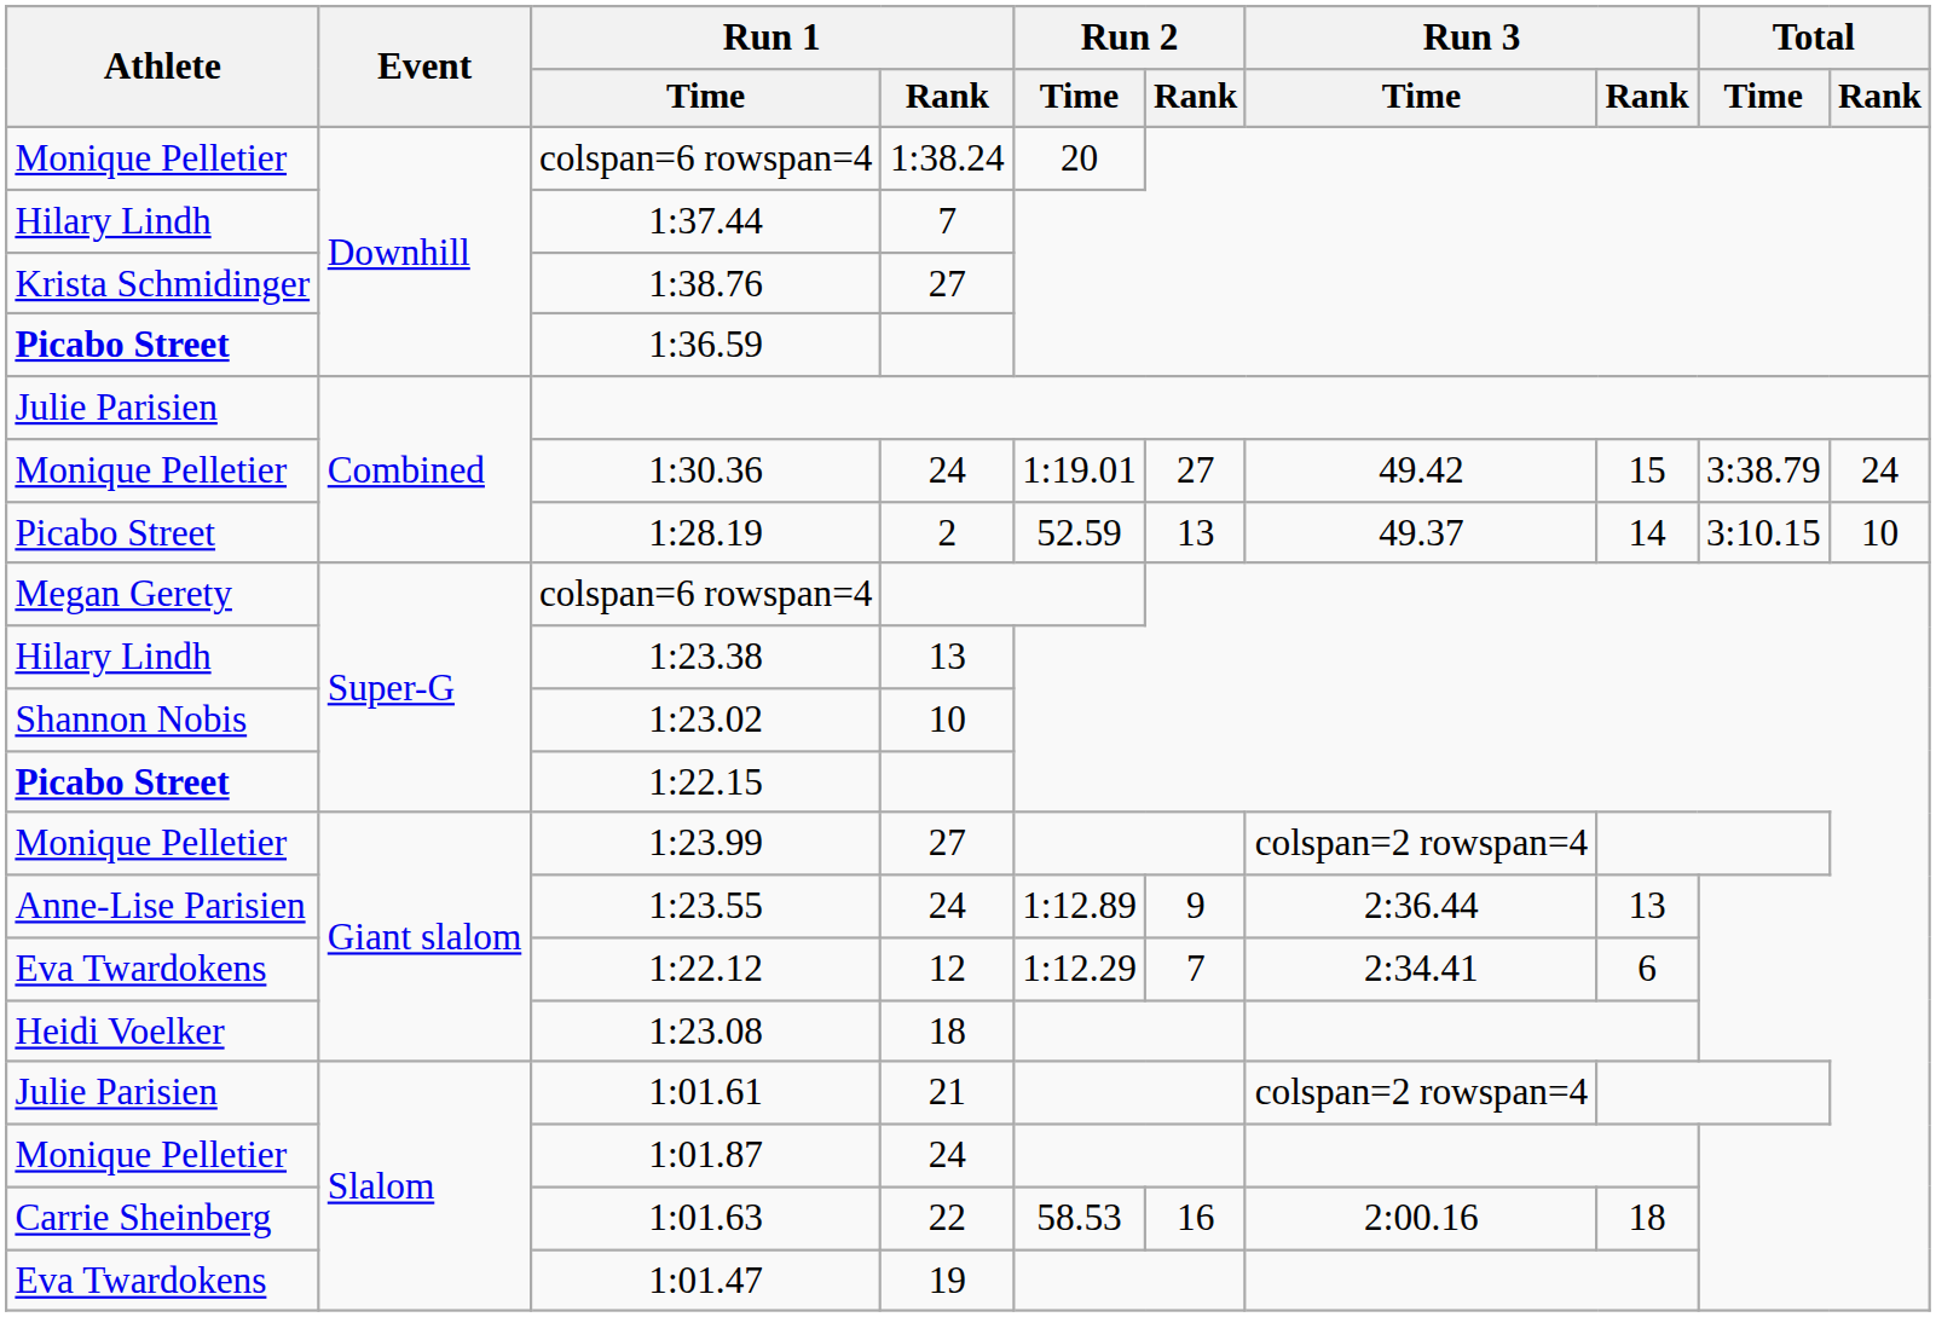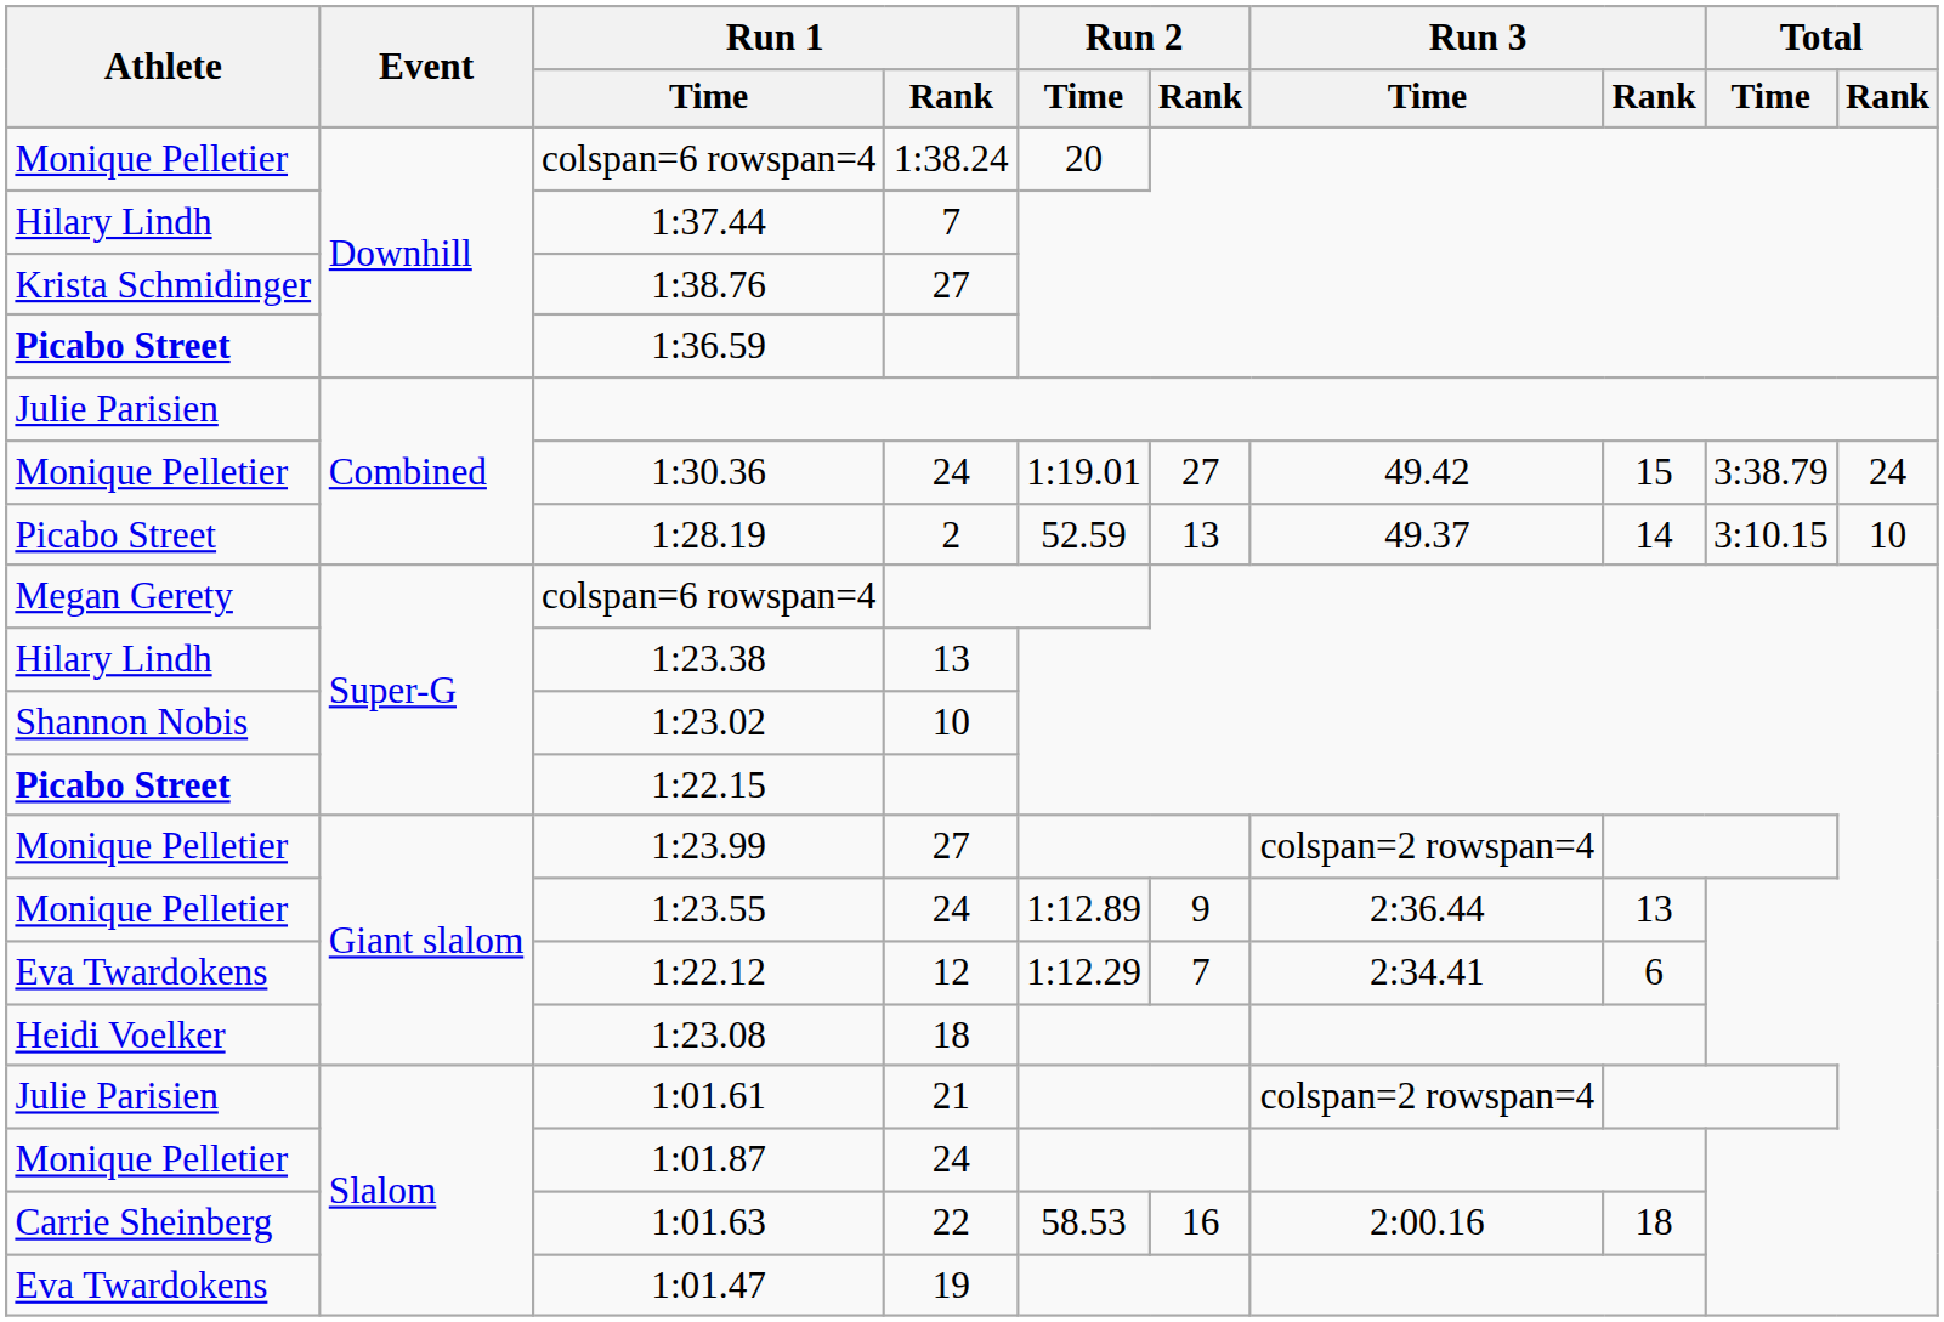 <table class=wikitable style=font-size:90%;text-align:center>
 <tr>
 <th rowspan=2>Athlete</th>
 <th rowspan=2>Event</th>
 <th colspan=2>Run 1</th>
 <th colspan=2>Run 2</th>
 <th colspan=2>Run 3</th>
 <th colspan=2>Total</th>
 </tr>
 <tr style=font-size:95%>
 <th>Time</th>
 <th>Rank</th>
 <th>Time</th>
 <th>Rank</th>
 <th>Time</th>
 <th>Rank</th>
 <th>Time</th>
 <th>Rank</th>
 </tr>
 <tr>
 <td align=left><a href='#'>Monique Pelletier</a></td>
 <td align=left rowspan=4><a href='#'>Downhill</a></td>
 <td>colspan=6 rowspan=4 </td>
 <td>1:38.24</td>
 <td>20</td>
 </tr>
 <tr>
 <td align=left><a href='#'>Hilary Lindh</a></td>
 <td>1:37.44</td>
 <td>7</td>
 </tr>
 <tr>
 <td align=left><a href='#'>Krista Schmidinger</a></td>
 <td>1:38.76</td>
 <td>27</td>
 </tr>
 <tr>
 <td align=left><strong><a href='#'>Picabo Street</a></strong></td>
 <td>1:36.59</td>
 <td></td>
 </tr>
 <tr>
 <td align=left><a href='#'>Julie Parisien</a></td>
 <td align=left rowspan=3><a href='#'>Combined</a></td>
 <td colspan=8></td>
 </tr>
 <tr>
 <td align=left><a href='#'>Monique Pelletier</a></td>
 <td>1:30.36</td>
 <td>24</td>
 <td>1:19.01</td>
 <td>27</td>
 <td>49.42</td>
 <td>15</td>
 <td>3:38.79</td>
 <td>24</td>
 </tr>
 <tr>
 <td align=left><a href='#'>Picabo Street</a></td>
 <td>1:28.19</td>
 <td>2</td>
 <td>52.59</td>
 <td>13</td>
 <td>49.37</td>
 <td>14</td>
 <td>3:10.15</td>
 <td>10</td>
 </tr>
 <tr>
 <td align=left><a href='#'>Megan Gerety</a></td>
 <td align=left rowspan=4><a href='#'>Super-G</a></td>
 <td>colspan=6 rowspan=4 </td>
 <td colspan=2></td>
 </tr>
 <tr>
 <td align=left><a href='#'>Hilary Lindh</a></td>
 <td>1:23.38</td>
 <td>13</td>
 </tr>
 <tr>
 <td align=left><a href='#'>Shannon Nobis</a></td>
 <td>1:23.02</td>
 <td>10</td>
 </tr>
 <tr>
 <td align=left><strong><a href='#'>Picabo Street</a></strong></td>
 <td>1:22.15</td>
 <td></td>
 </tr>
 <tr>
 <td align=left><a href='#'>Monique Pelletier</a></td>
 <td align=left rowspan=4><a href='#'>Giant slalom</a></td>
 <td>1:23.99</td>
 <td>27</td>
 <td colspan=2></td>
 <td>colspan=2 rowspan=4 </td>
 <td colspan=2></td>
 </tr>
 <tr>
-<td align=left><a href='#'>Anne-Lise Parisien</a></td>
+<td align=left><a href='#'>Monique Pelletier</a></td>
 <td>1:23.55</td>
 <td>24</td>
 <td>1:12.89</td>
 <td>9</td>
 <td>2:36.44</td>
 <td>13</td>
 </tr>
 <tr>
 <td align=left><a href='#'>Eva Twardokens</a></td>
 <td>1:22.12</td>
 <td>12</td>
 <td>1:12.29</td>
 <td>7</td>
 <td>2:34.41</td>
 <td>6</td>
 </tr>
 <tr>
 <td align=left><a href='#'>Heidi Voelker</a></td>
 <td>1:23.08</td>
 <td>18</td>
 <td colspan=2></td>
 <td colspan=2></td>
 </tr>
 <tr>
 <td align=left><a href='#'>Julie Parisien</a></td>
 <td align=left rowspan=4><a href='#'>Slalom</a></td>
 <td>1:01.61</td>
 <td>21</td>
 <td colspan=2></td>
 <td>colspan=2 rowspan=4 </td>
 <td colspan=2></td>
 </tr>
 <tr>
 <td align=left><a href='#'>Monique Pelletier</a></td>
 <td>1:01.87</td>
 <td>24</td>
 <td colspan=2></td>
 <td colspan=2></td>
 </tr>
 <tr>
 <td align=left><a href='#'>Carrie Sheinberg</a></td>
 <td>1:01.63</td>
 <td>22</td>
 <td>58.53</td>
 <td>16</td>
 <td>2:00.16</td>
 <td>18</td>
 </tr>
 <tr>
 <td align=left><a href='#'>Eva Twardokens</a></td>
 <td>1:01.47</td>
 <td>19</td>
 <td colspan=2></td>
 <td colspan=2></td>
 </tr>
 </table>
